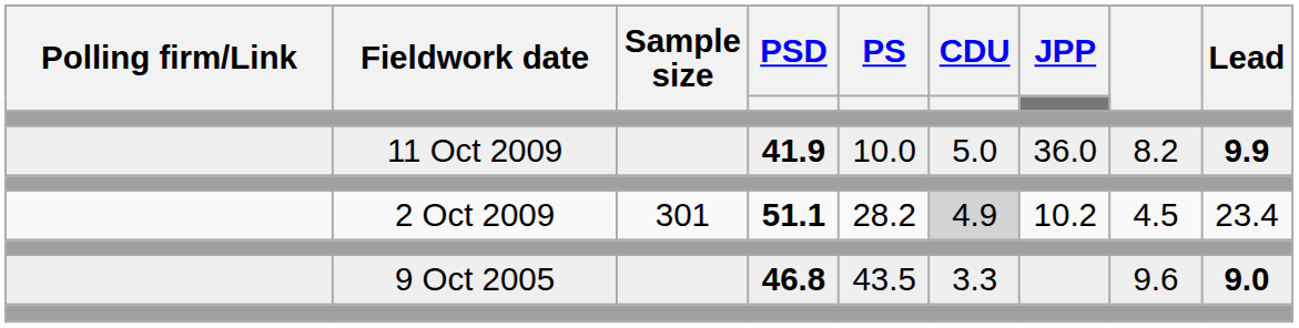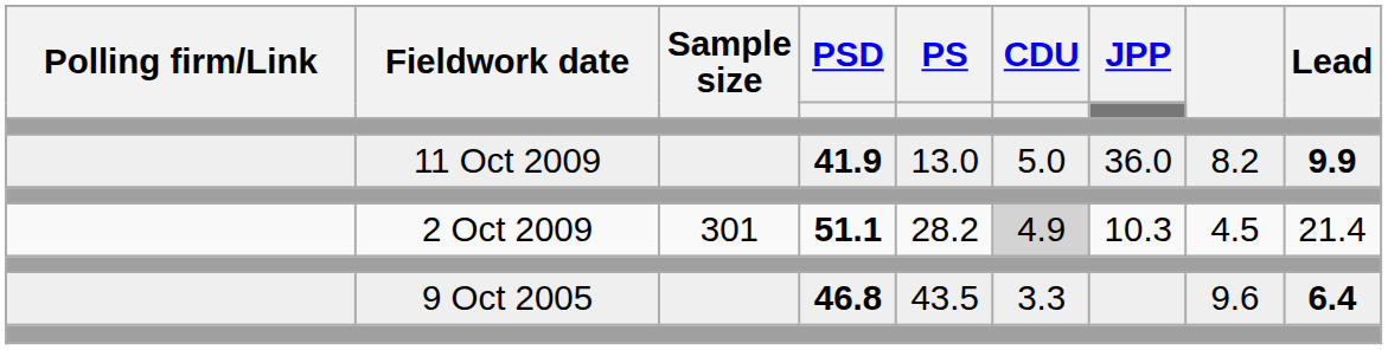 <table class="wikitable collapsible sortable" style="text-align:center; font-size:95%; line-height:16px;">
 <tr style="height:42px;">
 <th style="width:145px;" rowspan="2">Polling firm/Link</th>
 <th style="width:125px;" rowspan="2">Fieldwork date</th>
 <th class="unsortable" style="width:50px;" rowspan="2">Sample size</th>
 <th class="unsortable" style="width:35px;"><a href='#'>PSD</a></th>
 <th class="unsortable" style="width:35px;"><a href='#'>PS</a></th>
 <th class="unsortable" style="width:35px;"><a href='#'>CDU</a></th>
 <th class="unsortable" style="width:35px;"><a href='#'>JPP</a></th>
 <th class="unsortable" style="width:35px;" rowspan="2"></th>
 <th class="unsortable" style="width:30px;" rowspan="2">Lead</th>
 </tr>
 <tr>
 <th class="unsortable" style="color:inherit;background:"></th>
 <th class="unsortable" style="color:inherit;background:"></th>
 <th class="unsortable" style="color:inherit;background:"></th>
 <th class="unsortable" style="color:inherit;background:#777777;"></th>
 </tr>
 <tr>
 <td colspan="13" style="background:#A0A0A0"></td>
 </tr>
 <tr style="background:#EFEFEF;">
 <td><strong></strong></td>
 <td data-sort-value="2019-10-06">11 Oct 2009</td>
 <td></td>
 <td><strong>41.9</strong><br></td>
-<td>10.0<br></td>
+<td>13.0<br></td>
 <td>5.0<br></td>
 <td>36.0<br></td>
 <td>8.2<br></td>
 <td style="background:"><strong>9.9</strong></td>
 </tr>
 <tr>
 <td colspan="13" style="background:#A0A0A0"></td>
 </tr>
 <tr>
 <td align="center"></td>
 <td align="center">2 Oct 2009</td>
 <td>301</td>
 <td align="center" ><strong>51.1</strong></td>
 <td align="center">28.2</td>
 <td align="center" style="background: lightgrey;">4.9</td>
-<td align="center">10.2</td>
+<td align="center">10.3</td>
 <td align="center">4.5</td>
-<td style="background:">23.4</td>
+<td style="background:">21.4</td>
 </tr>
 <tr>
 <td colspan="13" style="background:#A0A0A0"></td>
 </tr>
 <tr style="background:#EFEFEF;">
 <td><strong></strong></td>
 <td data-sort-value="2019-10-06">9 Oct 2005</td>
 <td></td>
 <td><strong>46.8</strong><br></td>
 <td>43.5<br></td>
 <td>3.3<br></td>
 <td></td>
 <td>9.6<br></td>
-<td style="background:"><strong>9.0</strong></td>
+<td style="background:"><strong>6.4</strong></td>
 </tr>
 <tr>
 <td colspan="13" style="background:#A0A0A0"></td>
 </tr>
 <tr>
 </tr>
 </table>
